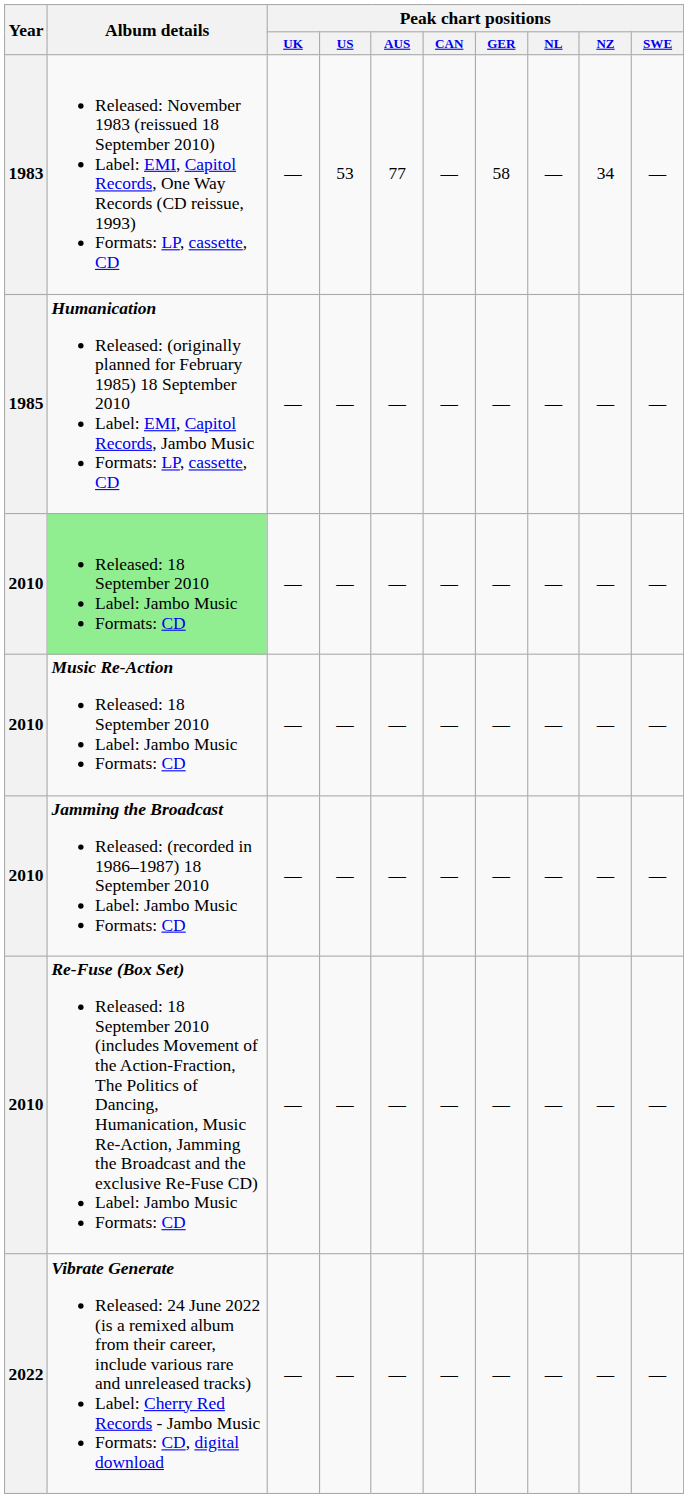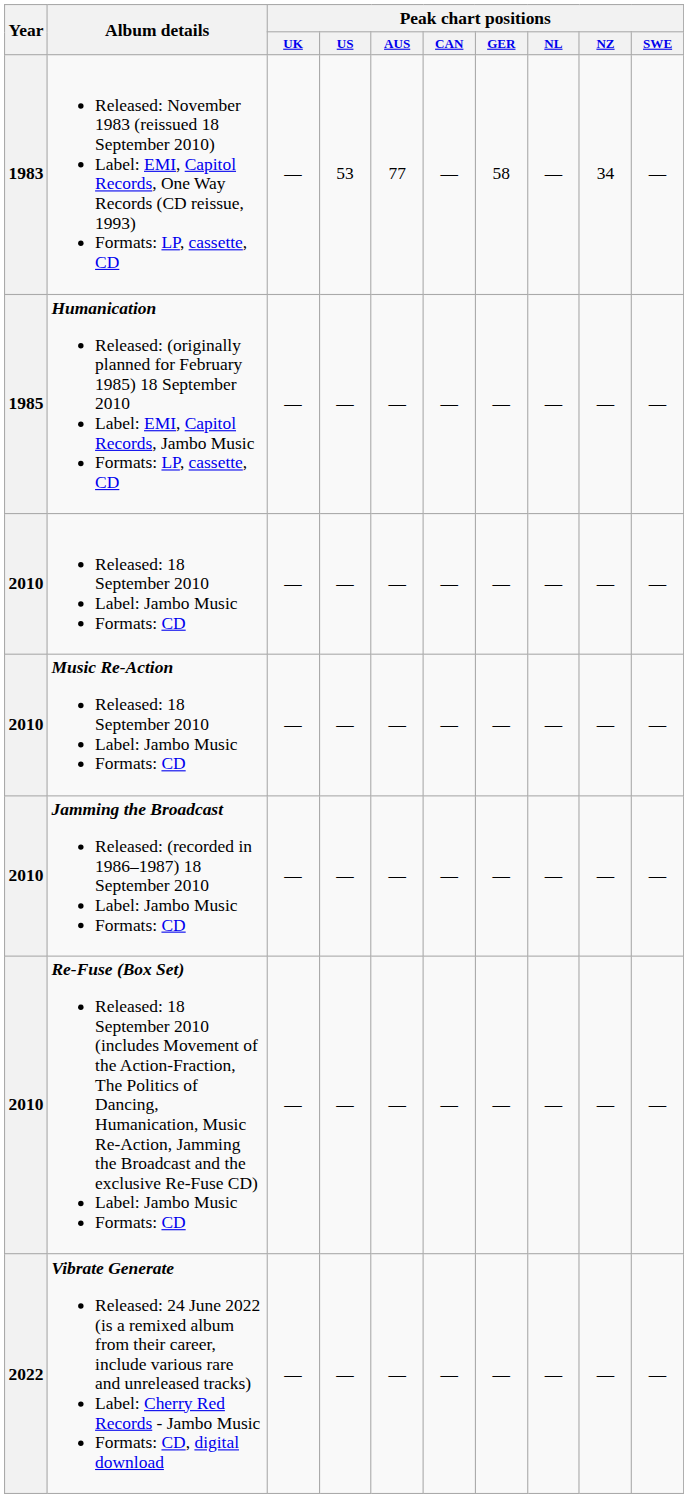 <table class="wikitable plainrowheaders sortable" style="margin-right: 0;">
 <tr>
 <th scope="col" rowspan="2">Year</th>
 <th scope="col" rowspan="2">Album details</th>
 <th scope="col" colspan="8">Peak chart positions</th>
 </tr>
 <tr>
 <th style="width:3.5em;font-size:75%"><a href='#'>UK</a></th>
 <th style="width:3.5em;font-size:75%"><a href='#'>US</a></th>
 <th style="width:3.5em;font-size:75%"><a href='#'>AUS</a></th>
 <th style="width:3.5em;font-size:75%"><a href='#'>CAN</a></th>
 <th style="width:3.5em;font-size:75%"><a href='#'>GER</a></th>
 <th style="width:3.5em;font-size:75%"><a href='#'>NL</a></th>
 <th style="width:3.5em;font-size:75%"><a href='#'>NZ</a></th>
 <th style="width:3.5em;font-size:75%"><a href='#'>SWE</a></th>
 </tr>
 <tr>
 <th scope="row">1983</th>
 <td><br><ul><li>Released: November 1983 (reissued 18 September 2010)</li><li>Label: <a href='#'>EMI</a>, <a href='#'>Capitol Records</a>, One Way Records (CD reissue, 1993)</li><li>Formats: <a href='#'>LP</a>, <a href='#'>cassette</a>, <a href='#'>CD</a></li></ul></td>
 <td align="center">—</td>
 <td align="center">53</td>
 <td align="center">77</td>
 <td align="center">—</td>
 <td align="center">58</td>
 <td align="center">—</td>
 <td align="center">34</td>
 <td align="center">—</td>
 </tr>
 <tr>
 <th scope="row">1985</th>
 <td><strong><em>Humanication</em></strong><br><ul><li>Released: (originally planned for February 1985) 18 September 2010</li><li>Label: <a href='#'>EMI</a>, <a href='#'>Capitol Records</a>, Jambo Music</li><li>Formats: <a href='#'>LP</a>, <a href='#'>cassette</a>, <a href='#'>CD</a></li></ul></td>
 <td align="center">—</td>
 <td align="center">—</td>
 <td align="center">—</td>
 <td align="center">—</td>
 <td align="center">—</td>
 <td align="center">—</td>
 <td align="center">—</td>
 <td align="center">—</td>
 </tr>
 <tr>
 <th scope="row">2010</th>
-<td style="background: lightgreen;"><br><ul><li>Released: 18 September 2010</li><li>Label: Jambo Music</li><li>Formats: <a href='#'>CD</a></li></ul></td>
+<td><br><ul><li>Released: 18 September 2010</li><li>Label: Jambo Music</li><li>Formats: <a href='#'>CD</a></li></ul></td>
 <td align="center">—</td>
 <td align="center">—</td>
 <td align="center">—</td>
 <td align="center">—</td>
 <td align="center">—</td>
 <td align="center">—</td>
 <td align="center">—</td>
 <td align="center">—</td>
 </tr>
 <tr>
 <th scope="row">2010</th>
 <td><strong><em>Music Re-Action</em></strong><br><ul><li>Released: 18 September 2010</li><li>Label: Jambo Music</li><li>Formats: <a href='#'>CD</a></li></ul></td>
 <td align="center">—</td>
 <td align="center">—</td>
 <td align="center">—</td>
 <td align="center">—</td>
 <td align="center">—</td>
 <td align="center">—</td>
 <td align="center">—</td>
 <td align="center">—</td>
 </tr>
 <tr>
 <th scope="row">2010</th>
 <td><strong><em>Jamming the Broadcast</em></strong><br><ul><li>Released: (recorded in 1986–1987) 18 September 2010</li><li>Label: Jambo Music</li><li>Formats: <a href='#'>CD</a></li></ul></td>
 <td align="center">—</td>
 <td align="center">—</td>
 <td align="center">—</td>
 <td align="center">—</td>
 <td align="center">—</td>
 <td align="center">—</td>
 <td align="center">—</td>
 <td align="center">—</td>
 </tr>
 <tr>
 <th scope="row">2010</th>
 <td><strong><em>Re-Fuse (Box Set)</em></strong><br><ul><li>Released: 18 September 2010 (includes Movement of the Action-Fraction, The Politics of Dancing, Humanication, Music Re-Action, Jamming the Broadcast and the exclusive Re-Fuse CD)</li><li>Label: Jambo Music</li><li>Formats: <a href='#'>CD</a></li></ul></td>
 <td align="center">—</td>
 <td align="center">—</td>
 <td align="center">—</td>
 <td align="center">—</td>
 <td align="center">—</td>
 <td align="center">—</td>
 <td align="center">—</td>
 <td align="center">—</td>
 </tr>
 <tr>
 <th scope="row">2022</th>
 <td><strong><em>Vibrate Generate</em></strong><br><ul><li>Released: 24 June 2022 (is a remixed album from their career, include various rare and unreleased tracks)</li><li>Label: <a href='#'>Cherry Red Records</a> - Jambo Music</li><li>Formats: <a href='#'>CD</a>, <a href='#'> digital download</a></li></ul></td>
 <td align="center">—</td>
 <td align="center">—</td>
 <td align="center">—</td>
 <td align="center">—</td>
 <td align="center">—</td>
 <td align="center">—</td>
 <td align="center">—</td>
 <td align="center">—</td>
 </tr>
 </table>
